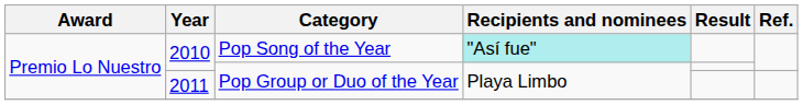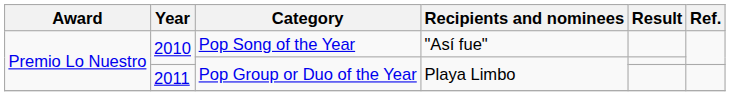 <table class="wikitable" style="font-size: 95%;">
 <tr>
 <th>Award</th>
 <th>Year</th>
 <th>Category</th>
 <th>Recipients and nominees</th>
 <th>Result</th>
 <th>Ref.</th>
 </tr>
 <tr>
 <td rowspan="3"><a href='#'>Premio Lo Nuestro</a></td>
 <td rowspan="2"><a href='#'>2010</a></td>
 <td><a href='#'>Pop Song of the Year</a></td>
-<td style="background: paleturquoise;">"Así fue"</td>
+<td>"Así fue"</td>
 <td></td>
 <td rowspan="2"></td>
 </tr>
 <tr>
 <td rowspan="2"><a href='#'>Pop Group or Duo of the Year</a></td>
 <td rowspan="2">Playa Limbo</td>
 <td></td>
 </tr>
 <tr>
 <td rowspan="1"><a href='#'>2011</a></td>
 <td></td>
 <td></td>
 </tr>
 <tr>
 </tr>
 </table>
